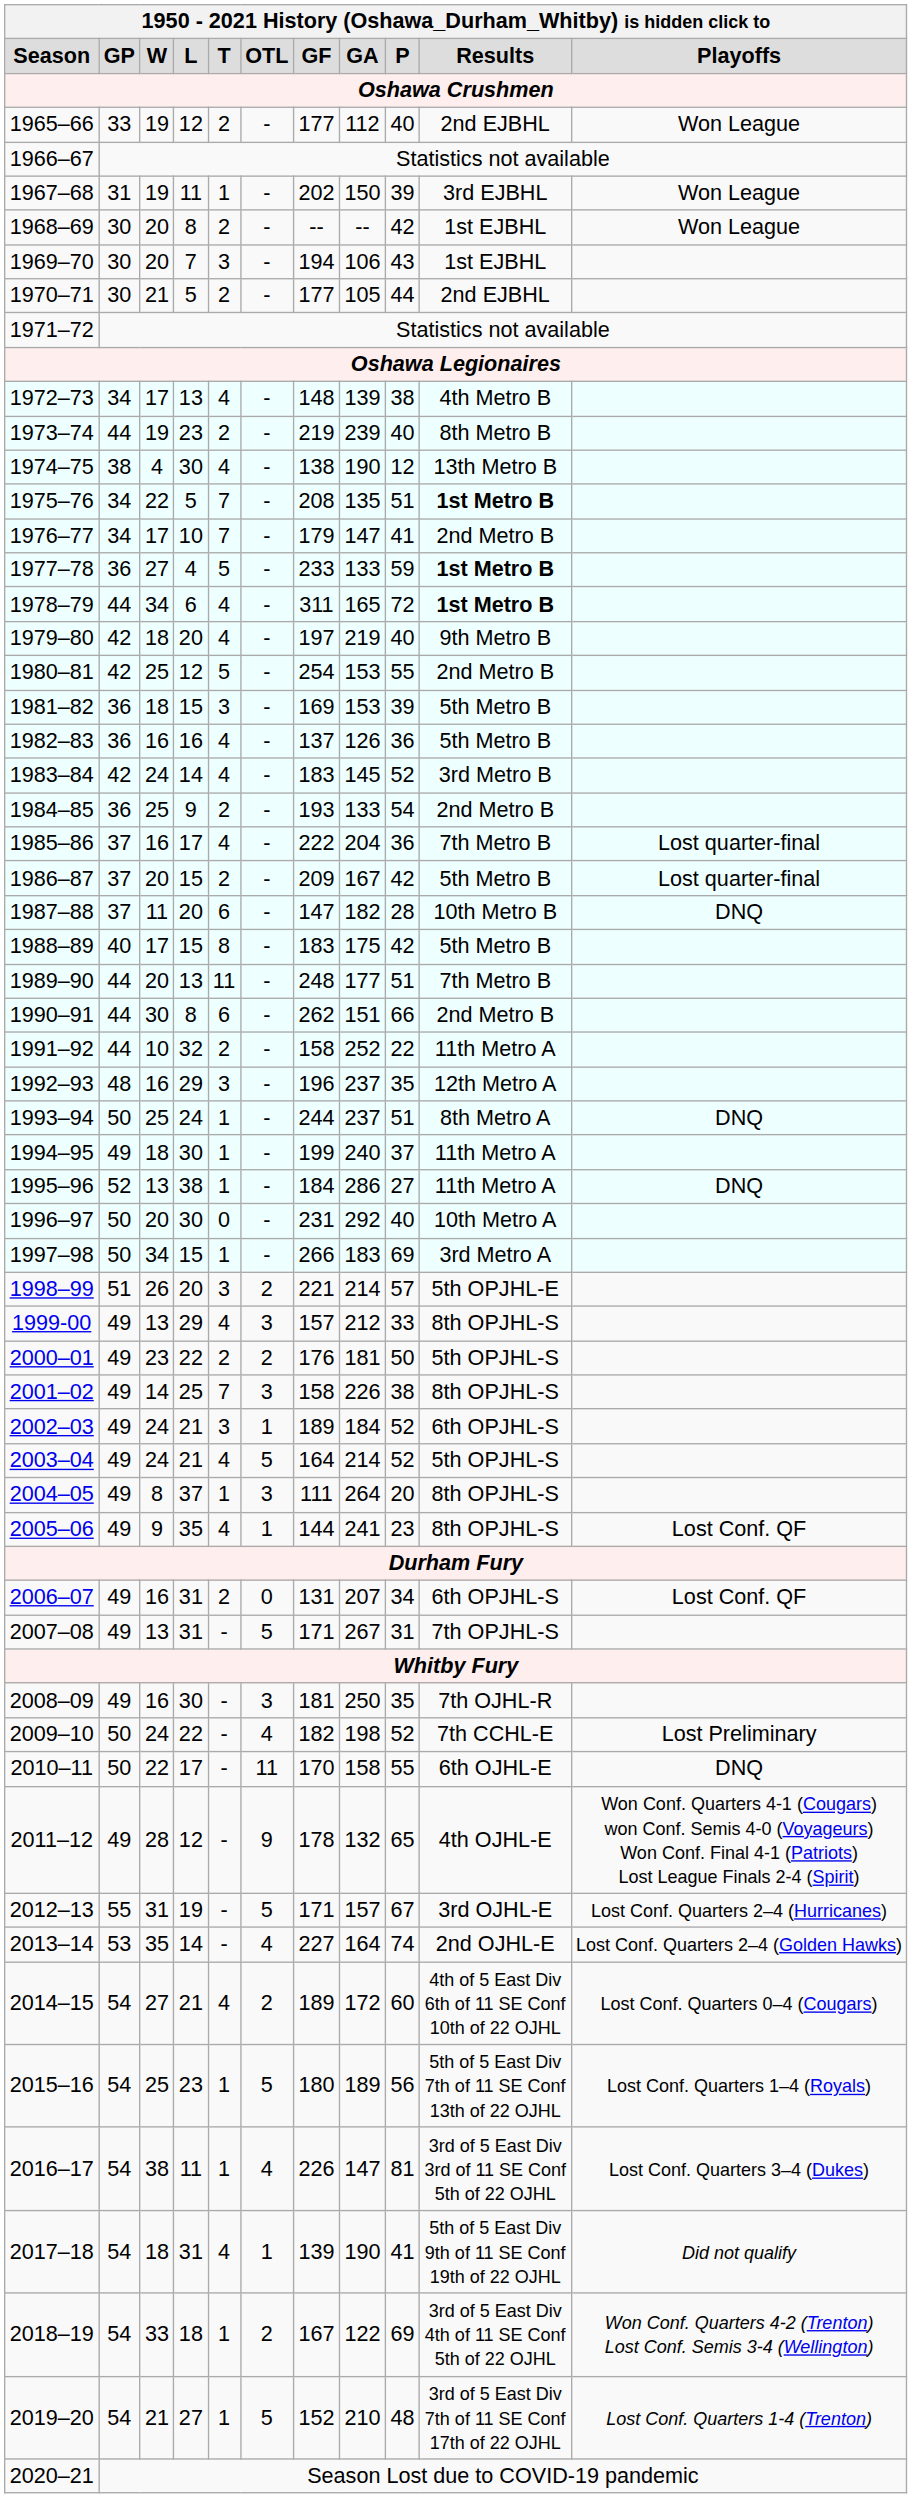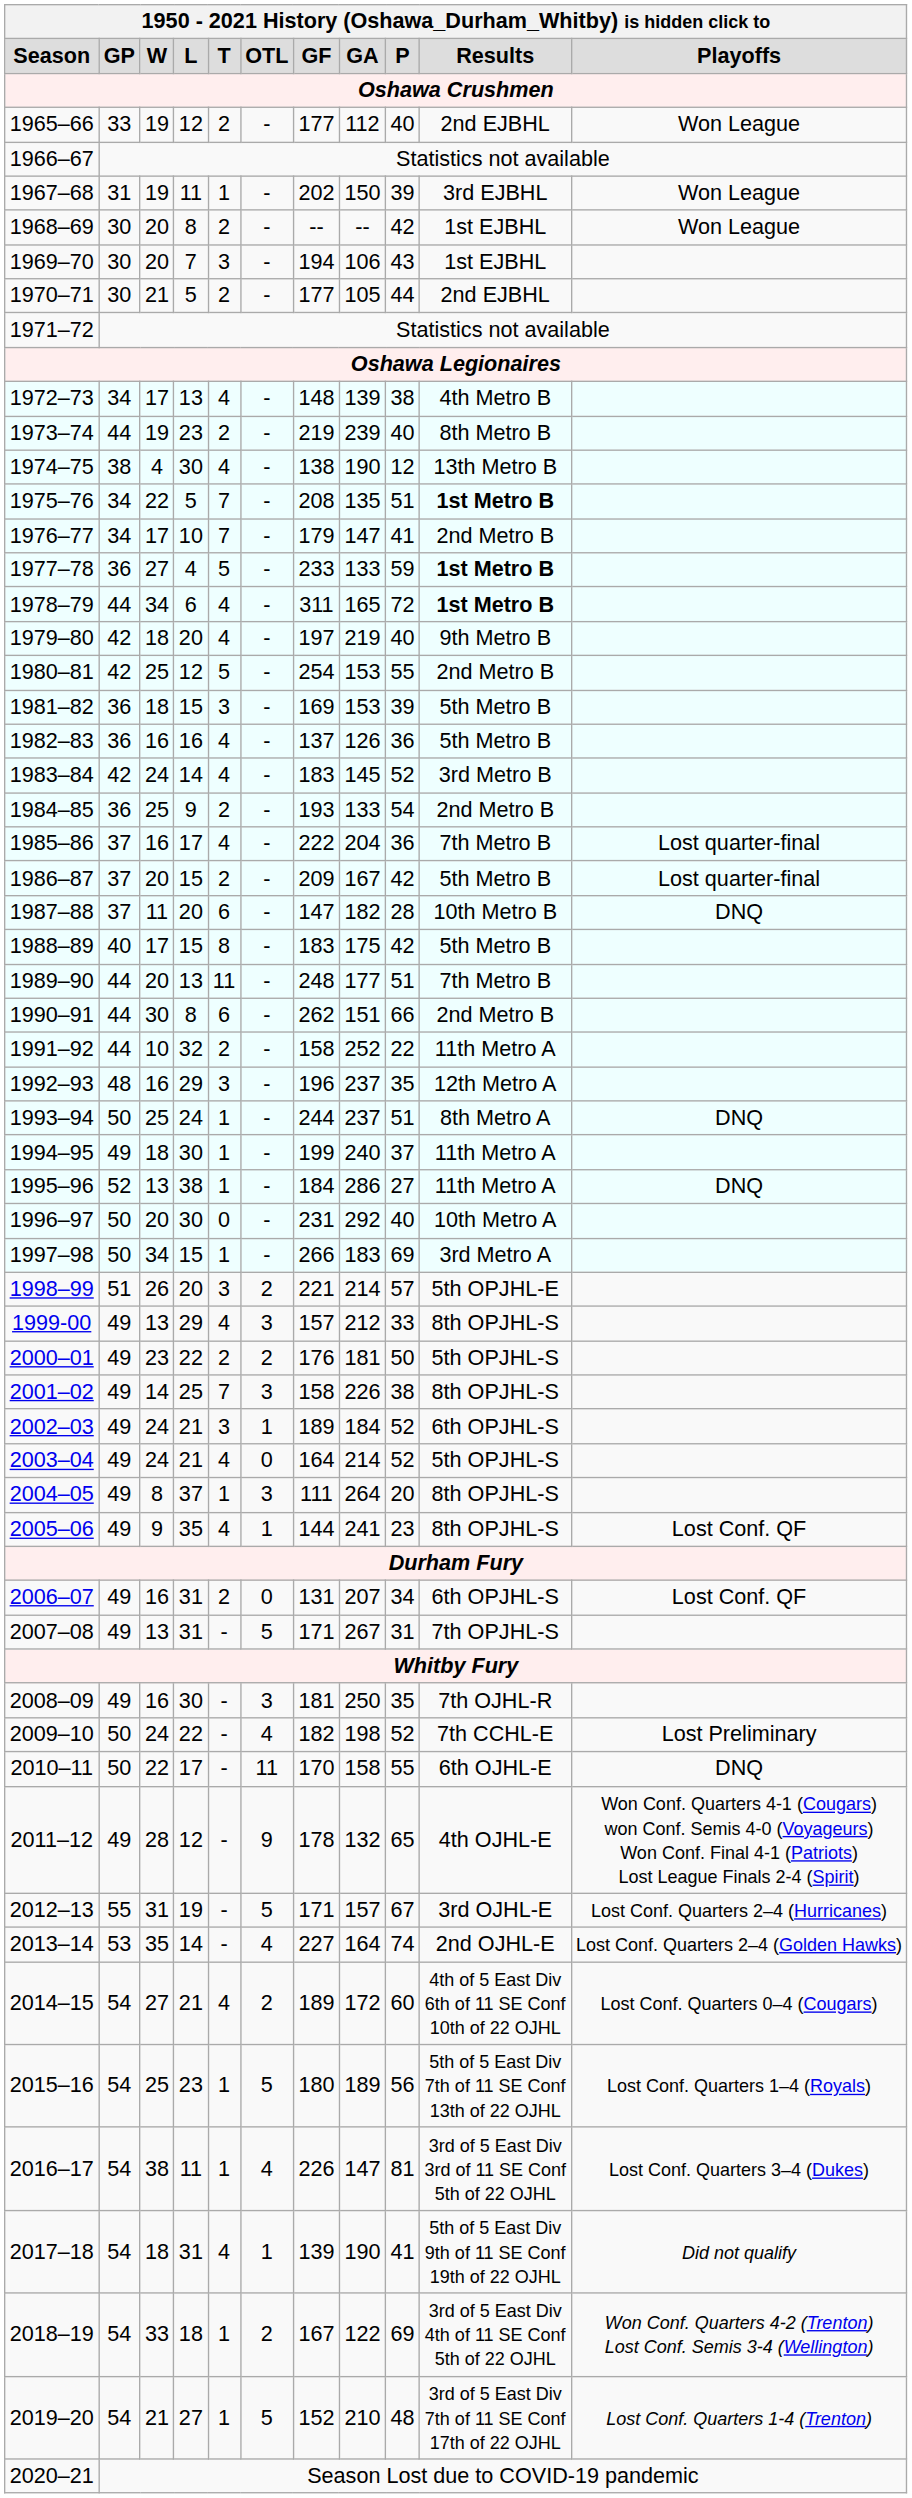 <table class="wikitable collapsible collapsed" style="text-align:center;">
 <tr>
 <th colspan=12 bgcolor="#822433" text_color=white><strong>1950 - 2021 History (Oshawa_Durham_Whitby)</strong> <small>is hidden click to </small></th>
 </tr>
 <tr align="center"  bgcolor="#dddddd">
 <td><strong>Season</strong></td>
 <td><strong>GP</strong></td>
 <td><strong>W</strong></td>
 <td><strong>L</strong></td>
 <td><strong>T</strong></td>
 <td><strong>OTL</strong></td>
 <td><strong>GF</strong></td>
 <td><strong>GA</strong></td>
 <td><strong>P</strong></td>
 <td><strong>Results</strong></td>
 <td><strong>Playoffs</strong></td>
 </tr>
 <tr style="text-align:center; background:#fee;">
 <td colspan="11"><strong><em>Oshawa Crushmen</em></strong></td>
 </tr>
 <tr align="center">
 <td>1965–66</td>
 <td>33</td>
 <td>19</td>
 <td>12</td>
 <td>2</td>
 <td>-</td>
 <td>177</td>
 <td>112</td>
 <td>40</td>
 <td>2nd EJBHL</td>
 <td>Won League</td>
 </tr>
 <tr align="center">
 <td>1966–67</td>
 <td colspan="11">Statistics not available</td>
 </tr>
 <tr align="center">
 <td>1967–68</td>
 <td>31</td>
 <td>19</td>
 <td>11</td>
 <td>1</td>
 <td>-</td>
 <td>202</td>
 <td>150</td>
 <td>39</td>
 <td>3rd EJBHL</td>
 <td>Won League</td>
 </tr>
 <tr align="center">
 <td>1968–69</td>
 <td>30</td>
 <td>20</td>
 <td>8</td>
 <td>2</td>
 <td>-</td>
 <td>--</td>
 <td>--</td>
 <td>42</td>
 <td>1st EJBHL</td>
 <td>Won League</td>
 </tr>
 <tr align="center">
 <td>1969–70</td>
 <td>30</td>
 <td>20</td>
 <td>7</td>
 <td>3</td>
 <td>-</td>
 <td>194</td>
 <td>106</td>
 <td>43</td>
 <td>1st EJBHL</td>
 <td></td>
 </tr>
 <tr align="center">
 <td>1970–71</td>
 <td>30</td>
 <td>21</td>
 <td>5</td>
 <td>2</td>
 <td>-</td>
 <td>177</td>
 <td>105</td>
 <td>44</td>
 <td>2nd EJBHL</td>
 <td></td>
 </tr>
 <tr align="center">
 <td>1971–72</td>
 <td colspan="11">Statistics not available</td>
 </tr>
 <tr style="text-align:center; background:#fee;">
 <td colspan="11"><strong><em>Oshawa Legionaires</em></strong></td>
 </tr>
 <tr align="center" bgcolor="#EEFFFF">
 <td>1972–73</td>
 <td>34</td>
 <td>17</td>
 <td>13</td>
 <td>4</td>
 <td>-</td>
 <td>148</td>
 <td>139</td>
 <td>38</td>
 <td>4th Metro B</td>
 <td></td>
 </tr>
 <tr align="center" bgcolor="#EEFFFF">
 <td>1973–74</td>
 <td>44</td>
 <td>19</td>
 <td>23</td>
 <td>2</td>
 <td>-</td>
 <td>219</td>
 <td>239</td>
 <td>40</td>
 <td>8th Metro B</td>
 <td></td>
 </tr>
 <tr align="center" bgcolor="#EEFFFF">
 <td>1974–75</td>
 <td>38</td>
 <td>4</td>
 <td>30</td>
 <td>4</td>
 <td>-</td>
 <td>138</td>
 <td>190</td>
 <td>12</td>
 <td>13th Metro B</td>
 <td></td>
 </tr>
 <tr align="center" bgcolor="#EEFFFF">
 <td>1975–76</td>
 <td>34</td>
 <td>22</td>
 <td>5</td>
 <td>7</td>
 <td>-</td>
 <td>208</td>
 <td>135</td>
 <td>51</td>
 <td><strong>1st Metro B</strong></td>
 <td></td>
 </tr>
 <tr align="center" bgcolor="#EEFFFF">
 <td>1976–77</td>
 <td>34</td>
 <td>17</td>
 <td>10</td>
 <td>7</td>
 <td>-</td>
 <td>179</td>
 <td>147</td>
 <td>41</td>
 <td>2nd Metro B</td>
 <td></td>
 </tr>
 <tr align="center" bgcolor="#EEFFFF">
 <td>1977–78</td>
 <td>36</td>
 <td>27</td>
 <td>4</td>
 <td>5</td>
 <td>-</td>
 <td>233</td>
 <td>133</td>
 <td>59</td>
 <td><strong>1st Metro B</strong></td>
 <td></td>
 </tr>
 <tr align="center" bgcolor="#EEFFFF">
 <td>1978–79</td>
 <td>44</td>
 <td>34</td>
 <td>6</td>
 <td>4</td>
 <td>-</td>
 <td>311</td>
 <td>165</td>
 <td>72</td>
 <td><strong>1st Metro B</strong></td>
 <td></td>
 </tr>
 <tr align="center" bgcolor="#EEFFFF">
 <td>1979–80</td>
 <td>42</td>
 <td>18</td>
 <td>20</td>
 <td>4</td>
 <td>-</td>
 <td>197</td>
 <td>219</td>
 <td>40</td>
 <td>9th Metro B</td>
 <td></td>
 </tr>
 <tr align="center" bgcolor="#EEFFFF">
 <td>1980–81</td>
 <td>42</td>
 <td>25</td>
 <td>12</td>
 <td>5</td>
 <td>-</td>
 <td>254</td>
 <td>153</td>
 <td>55</td>
 <td>2nd Metro B</td>
 <td></td>
 </tr>
 <tr align="center" bgcolor="#EEFFFF">
 <td>1981–82</td>
 <td>36</td>
 <td>18</td>
 <td>15</td>
 <td>3</td>
 <td>-</td>
 <td>169</td>
 <td>153</td>
 <td>39</td>
 <td>5th Metro B</td>
 <td></td>
 </tr>
 <tr align="center" bgcolor="#EEFFFF">
 <td>1982–83</td>
 <td>36</td>
 <td>16</td>
 <td>16</td>
 <td>4</td>
 <td>-</td>
 <td>137</td>
 <td>126</td>
 <td>36</td>
 <td>5th Metro B</td>
 <td></td>
 </tr>
 <tr align="center" bgcolor="#EEFFFF">
 <td>1983–84</td>
 <td>42</td>
 <td>24</td>
 <td>14</td>
 <td>4</td>
 <td>-</td>
 <td>183</td>
 <td>145</td>
 <td>52</td>
 <td>3rd Metro B</td>
 <td></td>
 </tr>
 <tr align="center" bgcolor="#EEFFFF">
 <td>1984–85</td>
 <td>36</td>
 <td>25</td>
 <td>9</td>
 <td>2</td>
 <td>-</td>
 <td>193</td>
 <td>133</td>
 <td>54</td>
 <td>2nd Metro B</td>
 <td></td>
 </tr>
 <tr align="center" bgcolor="#EEFFFF">
 <td>1985–86</td>
 <td>37</td>
 <td>16</td>
 <td>17</td>
 <td>4</td>
 <td>-</td>
 <td>222</td>
 <td>204</td>
 <td>36</td>
 <td>7th Metro B</td>
 <td>Lost quarter-final</td>
 </tr>
 <tr align="center" bgcolor="#EEFFFF">
 <td>1986–87</td>
 <td>37</td>
 <td>20</td>
 <td>15</td>
 <td>2</td>
 <td>-</td>
 <td>209</td>
 <td>167</td>
 <td>42</td>
 <td>5th Metro B</td>
 <td>Lost quarter-final</td>
 </tr>
 <tr align="center" bgcolor="#EEFFFF">
 <td>1987–88</td>
 <td>37</td>
 <td>11</td>
 <td>20</td>
 <td>6</td>
 <td>-</td>
 <td>147</td>
 <td>182</td>
 <td>28</td>
 <td>10th Metro B</td>
 <td>DNQ</td>
 </tr>
 <tr align="center" bgcolor="#EEFFFF">
 <td>1988–89</td>
 <td>40</td>
 <td>17</td>
 <td>15</td>
 <td>8</td>
 <td>-</td>
 <td>183</td>
 <td>175</td>
 <td>42</td>
 <td>5th Metro B</td>
 <td></td>
 </tr>
 <tr align="center" bgcolor="#EEFFFF">
 <td>1989–90</td>
 <td>44</td>
 <td>20</td>
 <td>13</td>
 <td>11</td>
 <td>-</td>
 <td>248</td>
 <td>177</td>
 <td>51</td>
 <td>7th Metro B</td>
 <td></td>
 </tr>
 <tr align="center" bgcolor="#EEFFFF">
 <td>1990–91</td>
 <td>44</td>
 <td>30</td>
 <td>8</td>
 <td>6</td>
 <td>-</td>
 <td>262</td>
 <td>151</td>
 <td>66</td>
 <td>2nd Metro B</td>
 <td></td>
 </tr>
 <tr align="center" bgcolor="#EEFFFF">
 <td>1991–92</td>
 <td>44</td>
 <td>10</td>
 <td>32</td>
 <td>2</td>
 <td>-</td>
 <td>158</td>
 <td>252</td>
 <td>22</td>
 <td>11th Metro A</td>
 <td></td>
 </tr>
 <tr align="center" bgcolor="#EEFFFF">
 <td>1992–93</td>
 <td>48</td>
 <td>16</td>
 <td>29</td>
 <td>3</td>
 <td>-</td>
 <td>196</td>
 <td>237</td>
 <td>35</td>
 <td>12th Metro A</td>
 <td></td>
 </tr>
 <tr align="center" bgcolor="#EEFFFF">
 <td>1993–94</td>
 <td>50</td>
 <td>25</td>
 <td>24</td>
 <td>1</td>
 <td>-</td>
 <td>244</td>
 <td>237</td>
 <td>51</td>
 <td>8th Metro A</td>
 <td>DNQ</td>
 </tr>
 <tr align="center" bgcolor="#EEFFFF">
 <td>1994–95</td>
 <td>49</td>
 <td>18</td>
 <td>30</td>
 <td>1</td>
 <td>-</td>
 <td>199</td>
 <td>240</td>
 <td>37</td>
 <td>11th Metro A</td>
 <td></td>
 </tr>
 <tr align="center" bgcolor="#EEFFFF">
 <td>1995–96</td>
 <td>52</td>
 <td>13</td>
 <td>38</td>
 <td>1</td>
 <td>-</td>
 <td>184</td>
 <td>286</td>
 <td>27</td>
 <td>11th Metro A</td>
 <td>DNQ</td>
 </tr>
 <tr align="center" bgcolor="#EEFFFF">
 <td>1996–97</td>
 <td>50</td>
 <td>20</td>
 <td>30</td>
 <td>0</td>
 <td>-</td>
 <td>231</td>
 <td>292</td>
 <td>40</td>
 <td>10th Metro A</td>
 <td></td>
 </tr>
 <tr align="center" bgcolor="#EEFFFF">
 <td>1997–98</td>
 <td>50</td>
 <td>34</td>
 <td>15</td>
 <td>1</td>
 <td>-</td>
 <td>266</td>
 <td>183</td>
 <td>69</td>
 <td>3rd Metro A</td>
 <td></td>
 </tr>
 <tr align="center">
 <td><a href='#'>1998–99</a></td>
 <td>51</td>
 <td>26</td>
 <td>20</td>
 <td>3</td>
 <td>2</td>
 <td>221</td>
 <td>214</td>
 <td>57</td>
 <td>5th OPJHL-E</td>
 <td></td>
 </tr>
 <tr align="center">
 <td><a href='#'>1999-00</a></td>
 <td>49</td>
 <td>13</td>
 <td>29</td>
 <td>4</td>
 <td>3</td>
 <td>157</td>
 <td>212</td>
 <td>33</td>
 <td>8th OPJHL-S</td>
 <td></td>
 </tr>
 <tr align="center">
 <td><a href='#'>2000–01</a></td>
 <td>49</td>
 <td>23</td>
 <td>22</td>
 <td>2</td>
 <td>2</td>
 <td>176</td>
 <td>181</td>
 <td>50</td>
 <td>5th OPJHL-S</td>
 <td></td>
 </tr>
 <tr align="center">
 <td><a href='#'>2001–02</a></td>
 <td>49</td>
 <td>14</td>
 <td>25</td>
 <td>7</td>
 <td>3</td>
 <td>158</td>
 <td>226</td>
 <td>38</td>
 <td>8th OPJHL-S</td>
 <td></td>
 </tr>
 <tr align="center">
 <td><a href='#'>2002–03</a></td>
 <td>49</td>
 <td>24</td>
 <td>21</td>
 <td>3</td>
 <td>1</td>
 <td>189</td>
 <td>184</td>
 <td>52</td>
 <td>6th OPJHL-S</td>
 <td></td>
 </tr>
 <tr align="center">
 <td><a href='#'>2003–04</a></td>
 <td>49</td>
 <td>24</td>
 <td>21</td>
 <td>4</td>
-<td>5</td>
+<td>0</td>
 <td>164</td>
 <td>214</td>
 <td>52</td>
 <td>5th OPJHL-S</td>
 <td></td>
 </tr>
 <tr align="center">
 <td><a href='#'>2004–05</a></td>
 <td>49</td>
 <td>8</td>
 <td>37</td>
 <td>1</td>
 <td>3</td>
 <td>111</td>
 <td>264</td>
 <td>20</td>
 <td>8th OPJHL-S</td>
 <td></td>
 </tr>
 <tr align="center">
 <td><a href='#'>2005–06</a></td>
 <td>49</td>
 <td>9</td>
 <td>35</td>
 <td>4</td>
 <td>1</td>
 <td>144</td>
 <td>241</td>
 <td>23</td>
 <td>8th OPJHL-S</td>
 <td>Lost Conf. QF</td>
 </tr>
 <tr style="text-align:center; background:#fee;">
 <td colspan="11"><strong><em>Durham Fury</em></strong></td>
 </tr>
 <tr align="center">
 <td><a href='#'>2006–07</a></td>
 <td>49</td>
 <td>16</td>
 <td>31</td>
 <td>2</td>
 <td>0</td>
 <td>131</td>
 <td>207</td>
 <td>34</td>
 <td>6th OPJHL-S</td>
 <td>Lost Conf. QF</td>
 </tr>
 <tr align="center">
 <td>2007–08</td>
 <td>49</td>
 <td>13</td>
 <td>31</td>
 <td>-</td>
 <td>5</td>
 <td>171</td>
 <td>267</td>
 <td>31</td>
 <td>7th OPJHL-S</td>
 <td></td>
 </tr>
 <tr style="text-align:center; background:#fee;">
 <td colspan="11"><strong><em>Whitby Fury</em></strong></td>
 </tr>
 <tr align="center">
 <td>2008–09</td>
 <td>49</td>
 <td>16</td>
 <td>30</td>
 <td>-</td>
 <td>3</td>
 <td>181</td>
 <td>250</td>
 <td>35</td>
 <td>7th OJHL-R</td>
 <td></td>
 </tr>
 <tr align="center">
 <td>2009–10</td>
 <td>50</td>
 <td>24</td>
 <td>22</td>
 <td>-</td>
 <td>4</td>
 <td>182</td>
 <td>198</td>
 <td>52</td>
 <td>7th CCHL-E</td>
 <td>Lost Preliminary</td>
 </tr>
 <tr align="center">
 <td>2010–11</td>
 <td>50</td>
 <td>22</td>
 <td>17</td>
 <td>-</td>
 <td>11</td>
 <td>170</td>
 <td>158</td>
 <td>55</td>
 <td>6th OJHL-E</td>
 <td>DNQ</td>
 </tr>
 <tr align="center">
 <td>2011–12</td>
 <td>49</td>
 <td>28</td>
 <td>12</td>
 <td>-</td>
 <td>9</td>
 <td>178</td>
 <td>132</td>
 <td>65</td>
 <td>4th OJHL-E</td>
 <td><small>Won Conf. Quarters 4-1 (<a href='#'>Cougars</a>)<br>won Conf. Semis 4-0 (<a href='#'>Voyageurs</a>)<br>Won Conf. Final 4-1 (<a href='#'>Patriots</a>)<br>Lost League Finals 2-4 (<a href='#'>Spirit</a>)</small></td>
 </tr>
 <tr align="center">
 <td>2012–13</td>
 <td>55</td>
 <td>31</td>
 <td>19</td>
 <td>-</td>
 <td>5</td>
 <td>171</td>
 <td>157</td>
 <td>67</td>
 <td>3rd OJHL-E</td>
 <td><small>Lost Conf. Quarters 2–4 (<a href='#'>Hurricanes</a>)</small></td>
 </tr>
 <tr align="center">
 <td>2013–14</td>
 <td>53</td>
 <td>35</td>
 <td>14</td>
 <td>-</td>
 <td>4</td>
 <td>227</td>
 <td>164</td>
 <td>74</td>
 <td>2nd OJHL-E</td>
 <td><small>Lost Conf. Quarters 2–4 (<a href='#'>Golden Hawks</a>)</small></td>
 </tr>
 <tr align="center">
 <td>2014–15</td>
 <td>54</td>
 <td>27</td>
 <td>21</td>
 <td>4</td>
 <td>2</td>
 <td>189</td>
 <td>172</td>
 <td>60</td>
 <td><small>4th of 5 East Div<br>6th of 11 SE Conf<br>10th of 22 OJHL</small></td>
 <td><small>Lost Conf. Quarters 0–4 (<a href='#'>Cougars</a>)</small></td>
 </tr>
 <tr align="center">
 <td>2015–16</td>
 <td>54</td>
 <td>25</td>
 <td>23</td>
 <td>1</td>
 <td>5</td>
 <td>180</td>
 <td>189</td>
 <td>56</td>
 <td><small>5th of 5 East Div<br>7th of 11 SE Conf<br>13th of 22 OJHL</small></td>
 <td><small>Lost Conf. Quarters 1–4 (<a href='#'>Royals</a>)</small></td>
 </tr>
 <tr align="center">
 <td>2016–17</td>
 <td>54</td>
 <td>38</td>
 <td>11</td>
 <td>1</td>
 <td>4</td>
 <td>226</td>
 <td>147</td>
 <td>81</td>
 <td><small>3rd of 5 East Div<br>3rd of 11 SE Conf<br>5th of 22 OJHL</small></td>
 <td><small>Lost Conf. Quarters 3–4 (<a href='#'>Dukes</a>)</small></td>
 </tr>
 <tr align="center">
 <td>2017–18</td>
 <td>54</td>
 <td>18</td>
 <td>31</td>
 <td>4</td>
 <td>1</td>
 <td>139</td>
 <td>190</td>
 <td>41</td>
 <td><small>5th of 5 East Div<br>9th of 11 SE Conf<br>19th of 22 OJHL</small></td>
 <td><small><em>Did not qualify</em></small></td>
 </tr>
 <tr align="center">
 <td>2018–19</td>
 <td>54</td>
 <td>33</td>
 <td>18</td>
 <td>1</td>
 <td>2</td>
 <td>167</td>
 <td>122</td>
 <td>69</td>
 <td><small>3rd of 5 East Div<br>4th of 11 SE Conf<br>5th of 22 OJHL</small></td>
 <td><small><em>Won Conf. Quarters 4-2 (<a href='#'>Trenton</a>)<br>Lost Conf. Semis 3-4 (<a href='#'>Wellington</a>)<br></em></small></td>
 </tr>
 <tr align="center">
 <td>2019–20</td>
 <td>54</td>
 <td>21</td>
 <td>27</td>
 <td>1</td>
 <td>5</td>
 <td>152</td>
 <td>210</td>
 <td>48</td>
 <td><small>3rd of 5 East Div<br>7th of 11 SE Conf<br>17th of 22 OJHL</small></td>
 <td><small><em>Lost Conf. Quarters 1-4 (<a href='#'>Trenton</a>)</em></small></td>
 </tr>
 <tr align="center">
 <td>2020–21</td>
 <td colspan="10">Season Lost due to COVID-19 pandemic</td>
 </tr>
 </table>
